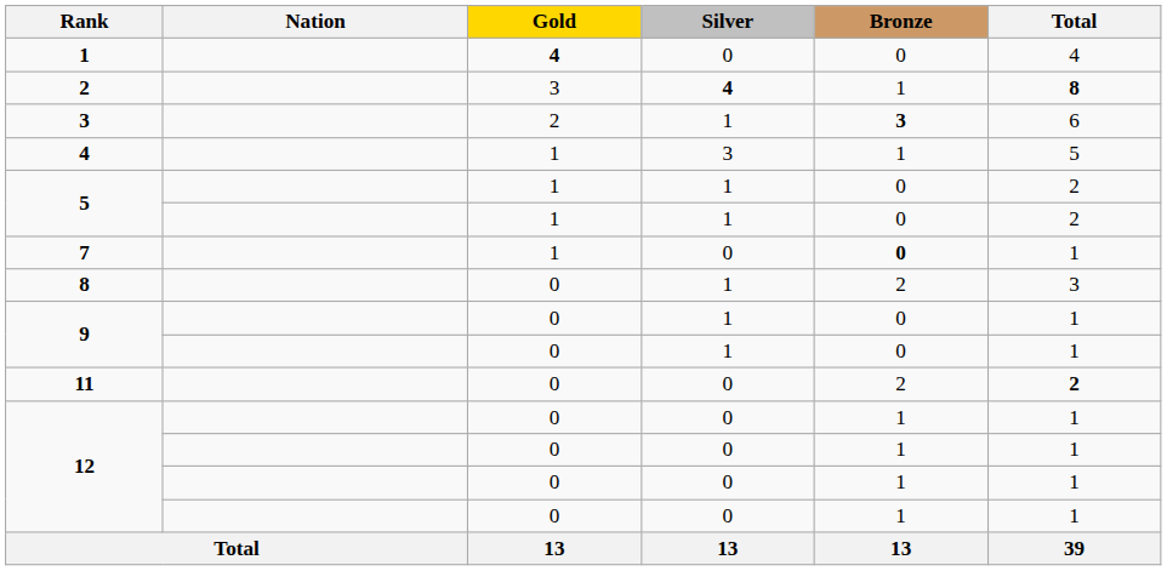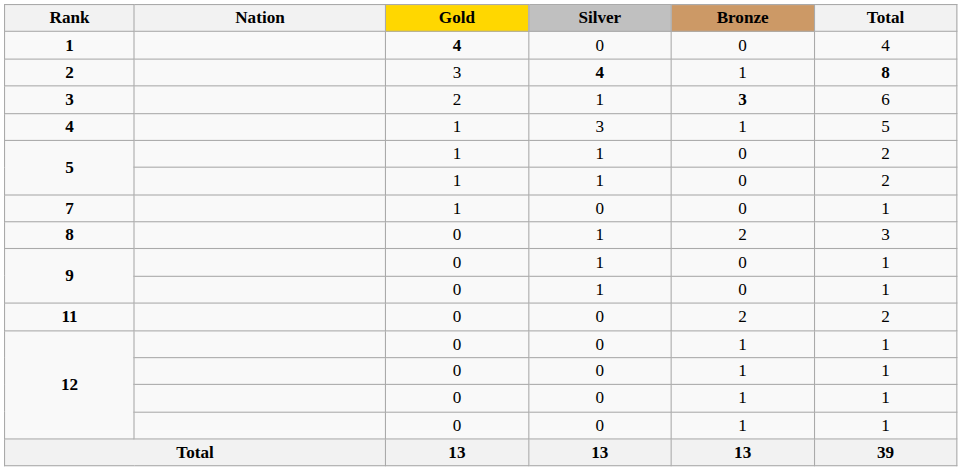 <table class="wikitable collapsible autocollapse plainrowheaders" width=70.5% style="text-align:center;">
 <tr style="background-color:#EDEDED;">
 <th width=100px class="hintergrundfarbe5">Rank</th>
 <th width=200px class="hintergrundfarbe6">Nation</th>
 <th style="background:    gold; width:15%">Gold</th>
 <th style="background:  silver; width:15%">Silver</th>
 <th style="background: #CC9966; width:15%">Bronze</th>
 <th class="hintergrundfarbe6" style="width:15%">Total</th>
 </tr>
 <tr>
 <td><strong>1</strong></td>
 <td align=left></td>
 <td><strong>4</strong></td>
 <td>0</td>
 <td>0</td>
 <td>4</td>
 </tr>
 <tr>
 <td><strong>2</strong></td>
 <td align=left></td>
 <td>3</td>
 <td><strong>4</strong></td>
 <td>1</td>
 <td><strong>8</strong></td>
 </tr>
 <tr>
 <td><strong>3</strong></td>
 <td align=left></td>
 <td>2</td>
 <td>1</td>
 <td><strong>3</strong></td>
 <td>6</td>
 </tr>
 <tr>
 <td><strong>4</strong></td>
 <td align=left></td>
 <td>1</td>
 <td>3</td>
 <td>1</td>
 <td>5</td>
 </tr>
 <tr>
 <td rowspan=2><strong>5</strong></td>
 <td align=left></td>
 <td>1</td>
 <td>1</td>
 <td>0</td>
 <td>2</td>
 </tr>
 <tr>
 <td align=left></td>
 <td>1</td>
 <td>1</td>
 <td>0</td>
 <td>2</td>
 </tr>
 <tr>
 <td><strong>7</strong></td>
 <td align=left></td>
 <td>1</td>
 <td>0</td>
-<td><strong>0</strong></td>
+<td>0</td>
 <td>1</td>
 </tr>
 <tr>
 <td><strong>8</strong></td>
 <td align=left></td>
 <td>0</td>
 <td>1</td>
 <td>2</td>
 <td>3</td>
 </tr>
 <tr>
 <td rowspan=2><strong>9</strong></td>
 <td align=left></td>
 <td>0</td>
 <td>1</td>
 <td>0</td>
 <td>1</td>
 </tr>
 <tr>
 <td align=left></td>
 <td>0</td>
 <td>1</td>
 <td>0</td>
 <td>1</td>
 </tr>
 <tr>
 <td><strong>11</strong></td>
 <td align=left></td>
 <td>0</td>
 <td>0</td>
 <td>2</td>
-<td><strong>2</strong></td>
+<td>2</td>
 </tr>
 <tr>
 <td rowspan=4><strong>12</strong></td>
 <td align=left></td>
 <td>0</td>
 <td>0</td>
 <td>1</td>
 <td>1</td>
 </tr>
 <tr>
 <td align=left></td>
 <td>0</td>
 <td>0</td>
 <td>1</td>
 <td>1</td>
 </tr>
 <tr>
 <td align=left></td>
 <td>0</td>
 <td>0</td>
 <td>1</td>
 <td>1</td>
 </tr>
 <tr>
 <td align=left></td>
 <td>0</td>
 <td>0</td>
 <td>1</td>
 <td>1</td>
 </tr>
 <tr>
 <th colspan=2>Total</th>
 <th>13</th>
 <th>13</th>
 <th>13</th>
 <th>39</th>
 </tr>
 </table>
